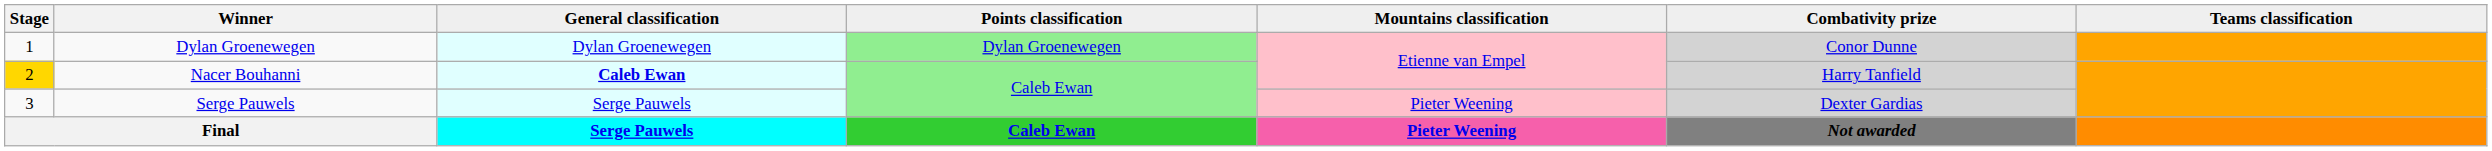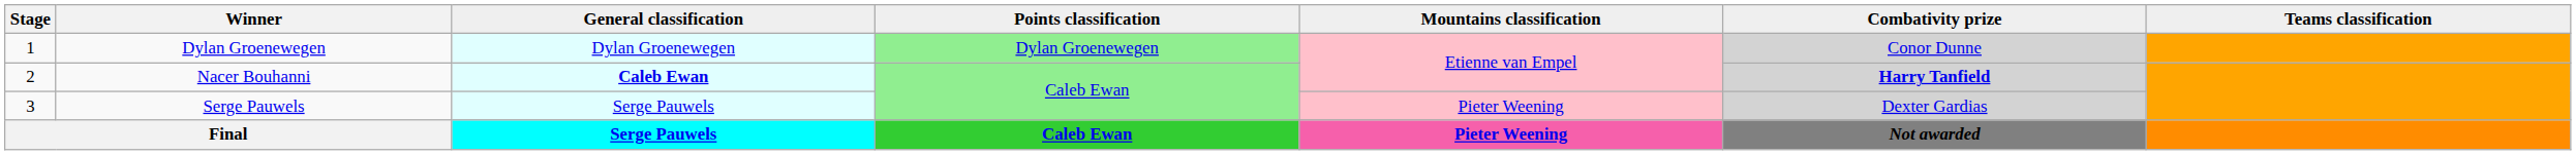 <table class=wikitable style="text-align: center; font-size:smaller;">
 <tr>
 <th style="width:1%;">Stage</th>
 <th style="width:14%;">Winner</th>
 <th style="background:#efefef; width:15%;">General classification<br></th>
 <th style="background:#efefef; width:15%;">Points classification<br></th>
 <th style="background:#efefef; width:15%;">Mountains classification<br></th>
 <th style="background:#efefef; width:15%;">Combativity prize<br></th>
 <th style="background:#efefef; width:15%;">Teams classification</th>
 </tr>
 <tr>
 <td>1</td>
 <td><a href='#'>Dylan Groenewegen</a></td>
 <td style="background:lightcyan;"><a href='#'>Dylan Groenewegen</a></td>
 <td style="background:lightgreen;"><a href='#'>Dylan Groenewegen</a></td>
 <td style="background:pink;" rowspan=2><a href='#'>Etienne van Empel</a></td>
 <td style="background:lightgray;"><a href='#'>Conor Dunne</a></td>
 <td style="background:orange;"></td>
 </tr>
 <tr>
-<td style="background: gold;">2</td>
+<td>2</td>
 <td><a href='#'>Nacer Bouhanni</a></td>
 <td style="background:lightcyan;"><strong><a href='#'>Caleb Ewan</a></strong></td>
 <td style="background:lightgreen;" rowspan=2><a href='#'>Caleb Ewan</a></td>
-<td style="background:lightgray;"><a href='#'>Harry Tanfield</a></td>
+<td style="background:lightgray;"><strong><a href='#'>Harry Tanfield</a></strong></td>
 <td style="background:orange;" rowspan=2></td>
 </tr>
 <tr>
 <td>3</td>
 <td><a href='#'>Serge Pauwels</a></td>
 <td style="background:lightcyan;"><a href='#'>Serge Pauwels</a></td>
 <td style="background:pink;"><a href='#'>Pieter Weening</a></td>
 <td style="background:lightgray;"><a href='#'>Dexter Gardias</a></td>
 </tr>
 <tr>
 <th colspan=2>Final</th>
 <th style="background:cyan;"><a href='#'>Serge Pauwels</a></th>
 <th style="background:limegreen;"><a href='#'>Caleb Ewan</a></th>
 <th style="background:#F660AB;"><a href='#'>Pieter Weening</a></th>
 <th style="background:gray;"><em>Not awarded</em></th>
 <th style="background:#FF8C00;"></th>
 </tr>
 </table>
